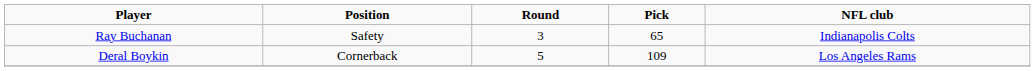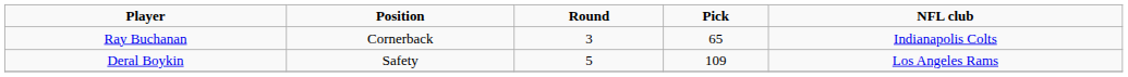 <table class="wikitable" width="80%">
 <tr align="center">
 <td><strong>Player</strong></td>
 <td><strong>Position</strong></td>
 <td><strong>Round</strong></td>
 <td><strong>Pick</strong></td>
 <td><strong>NFL club</strong></td>
 </tr>
 <tr align="center" bgcolor="">
 <td><a href='#'>Ray Buchanan</a></td>
-<td>Safety</td>
+<td>Cornerback</td>
 <td>3</td>
 <td>65</td>
 <td><a href='#'>Indianapolis Colts</a></td>
 </tr>
 <tr align="center" bgcolor="">
 <td><a href='#'>Deral Boykin</a></td>
-<td>Cornerback</td>
+<td>Safety</td>
 <td>5</td>
 <td>109</td>
 <td><a href='#'>Los Angeles Rams</a></td>
 </tr>
 <tr align="center" bgcolor="">
 </tr>
 </table>
